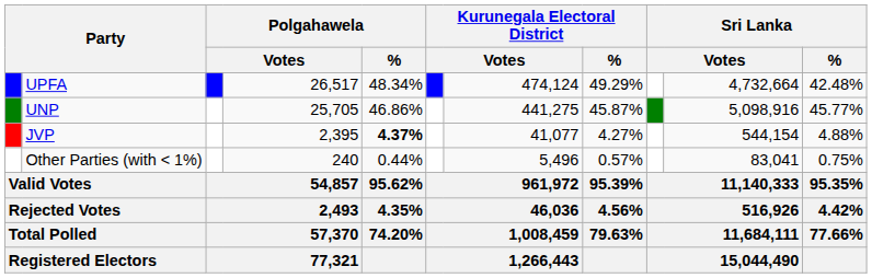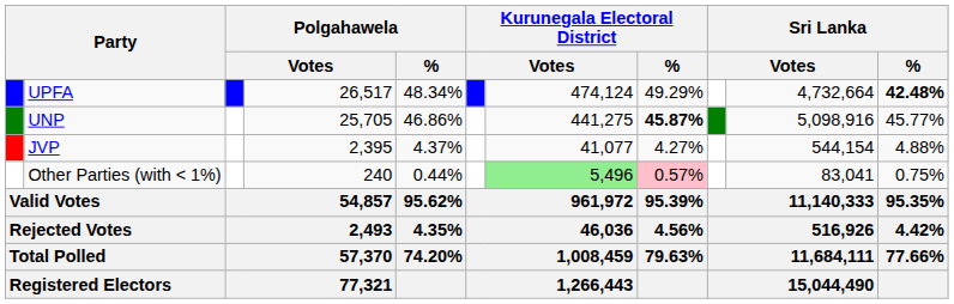 <table class="wikitable">
 <tr>
 <th colspan="2" width="144px"rowspan="2">Party</th>
 <th colspan="3" width="216px">Polgahawela</th>
 <th colspan="3" width="216px"><a href='#'>Kurunegala Electoral District</a></th>
 <th colspan="3" width="216px">Sri Lanka</th>
 </tr>
 <tr>
 <th colspan="2" width="144px">Votes</th>
 <th>%</th>
 <th colspan="2" width="144px">Votes</th>
 <th>%</th>
 <th colspan="2" width="144px">Votes</th>
 <th>%</th>
 </tr>
 <tr>
 <td style="background-color:blue;" width="10px"></td>
 <td style="text-align:left;"><a href='#'>UPFA</a></td>
 <td style="background-color:blue;" width="10px"></td>
 <td style="text-align:right;">26,517</td>
 <td style="text-align:right;">48.34%</td>
 <td style="background-color:blue;" width="10px"></td>
 <td style="text-align:right;">474,124</td>
 <td style="text-align:right;">49.29%</td>
 <td style="background-color:white;" width="10px"></td>
 <td style="text-align:right;">4,732,664</td>
-<td style="text-align:right;">42.48%</td>
+<td style="text-align:right;"><strong>42.48%</strong></td>
 </tr>
 <tr>
 <td style="background-color:green;" width="10px"></td>
 <td style="text-align:left;"><a href='#'>UNP</a></td>
 <td style="background-color:white;" width="10px"></td>
 <td style="text-align:right;">25,705</td>
 <td style="text-align:right;">46.86%</td>
 <td style="background-color:white;" width="10px"></td>
 <td style="text-align:right;">441,275</td>
-<td style="text-align:right;">45.87%</td>
+<td style="text-align:right;"><strong>45.87%</strong></td>
 <td style="background-color:green;" width="10px"></td>
 <td style="text-align:right;">5,098,916</td>
 <td style="text-align:right;">45.77%</td>
 </tr>
 <tr>
 <td style="background-color:red;" width="10px"></td>
 <td style="text-align:left;"><a href='#'>JVP</a></td>
 <td style="background-color:white;" width="10px"></td>
 <td style="text-align:right;">2,395</td>
-<td style="text-align:right;"><strong>4.37%</strong></td>
+<td style="text-align:right;">4.37%</td>
 <td style="background-color:white;" width="10px"></td>
 <td style="text-align:right;">41,077</td>
 <td style="text-align:right;">4.27%</td>
 <td style="background-color:white;" width="10px"></td>
 <td style="text-align:right;">544,154</td>
 <td style="text-align:right;">4.88%</td>
 </tr>
 <tr>
 <td style="background-color:white;" width="10px"></td>
 <td style="text-align:left;">Other Parties (with < 1%)</td>
 <td style="background-color:white;" width="10px"></td>
 <td style="text-align:right;">240</td>
 <td style="text-align:right;">0.44%</td>
 <td style="background-color:white;" width="10px"></td>
-<td style="text-align:right;">5,496</td>
-<td style="text-align:right;">0.57%</td>
+<td style="background: lightgreen; text-align:right;">5,496</td>
+<td style="background: pink; text-align:right;">0.57%</td>
 <td style="background-color:white;" width="10px"></td>
 <td style="text-align:right;">83,041</td>
 <td style="text-align:right;">0.75%</td>
 </tr>
 <tr>
 <th colspan="2" width="144px"style="text-align:left;">Valid Votes</th>
 <th style="text-align:right;"colspan="2" width="144px">54,857</th>
 <th style="text-align:right;">95.62%</th>
 <th style="text-align:right;"colspan="2" width="144px">961,972</th>
 <th style="text-align:right;">95.39%</th>
 <th style="text-align:right;"colspan="2" width="144px">11,140,333</th>
 <th style="text-align:right;">95.35%</th>
 </tr>
 <tr>
 <th colspan="2" width="144px"style="text-align:left;">Rejected Votes</th>
 <th style="text-align:right;"colspan="2" width="144px">2,493</th>
 <th style="text-align:right;">4.35%</th>
 <th style="text-align:right;"colspan="2" width="144px">46,036</th>
 <th style="text-align:right;">4.56%</th>
 <th style="text-align:right;"colspan="2" width="144px">516,926</th>
 <th style="text-align:right;">4.42%</th>
 </tr>
 <tr>
 <th colspan="2" width="144px"style="text-align:left;">Total Polled</th>
 <th style="text-align:right;"colspan="2" width="144px">57,370</th>
 <th style="text-align:right;">74.20%</th>
 <th style="text-align:right;"colspan="2" width="144px">1,008,459</th>
 <th style="text-align:right;">79.63%</th>
 <th style="text-align:right;"colspan="2" width="144px">11,684,111</th>
 <th style="text-align:right;">77.66%</th>
 </tr>
 <tr>
 <th colspan="2" width="144px"style="text-align:left;">Registered Electors</th>
 <th style="text-align:right;"colspan="2" width="144px">77,321</th>
 <th></th>
 <th style="text-align:right;"colspan="2" width="144px">1,266,443</th>
 <th></th>
 <th style="text-align:right;"colspan="2" width="144px">15,044,490</th>
 <th></th>
 </tr>
 </table>
